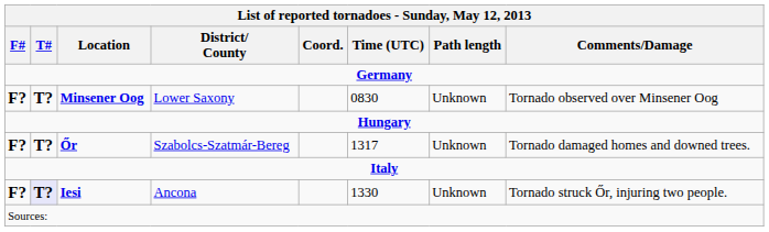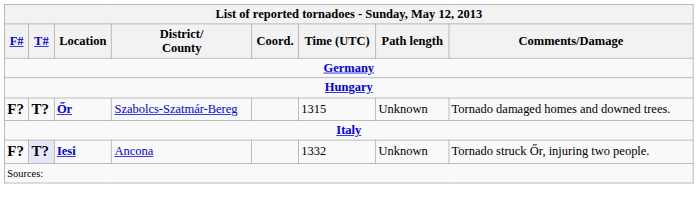 <table class="wikitable collapsible" width="100%">
 <tr>
 <th colspan="8">List of reported tornadoes - Sunday, May 12, 2013</th>
 </tr>
 <tr>
 <th><a href='#'>F#</a></th>
 <th><a href='#'>T#</a></th>
 <th>Location</th>
 <th>District/<br>County</th>
 <th>Coord.</th>
 <th>Time (UTC)</th>
 <th>Path length</th>
 <th>Comments/Damage</th>
 </tr>
 <tr>
 <td colspan="8" align=center><strong><a href='#'>Germany</a></strong></td>
 </tr>
 <tr>
-<td><big><strong>F?</strong></big></td>
-<td><big><strong>T?</strong></big></td>
-<td><strong><a href='#'>Minsener Oog</a></strong></td>
-<td><a href='#'>Lower Saxony</a></td>
-<td></td>
-<td>0830</td>
-<td>Unknown</td>
-<td>Tornado observed over Minsener Oog</td>
-</tr>
-<tr>
 <td colspan="8" align=center><strong><a href='#'>Hungary</a></strong></td>
 </tr>
 <tr>
 <td><big><strong>F?</strong></big></td>
 <td><big><strong>T?</strong></big></td>
 <td><strong><a href='#'>Őr</a></strong></td>
 <td><a href='#'>Szabolcs-Szatmár-Bereg</a></td>
 <td></td>
-<td>1317</td>
+<td>1315</td>
 <td>Unknown</td>
 <td>Tornado damaged homes and downed trees.</td>
 </tr>
 <tr>
 <td colspan="8" align=center><strong><a href='#'>Italy</a></strong></td>
 </tr>
 <tr>
 <td><big><strong>F?</strong></big></td>
 <td style="background: lavender;"><big><strong>T?</strong></big></td>
 <td><strong><a href='#'>Iesi</a></strong></td>
 <td><a href='#'>Ancona</a></td>
 <td></td>
-<td>1330</td>
+<td>1332</td>
 <td>Unknown</td>
 <td>Tornado struck Őr, injuring two people.</td>
 </tr>
 <tr>
 <td colspan="8"><small>Sources:  </small></td>
 </tr>
 </table>
